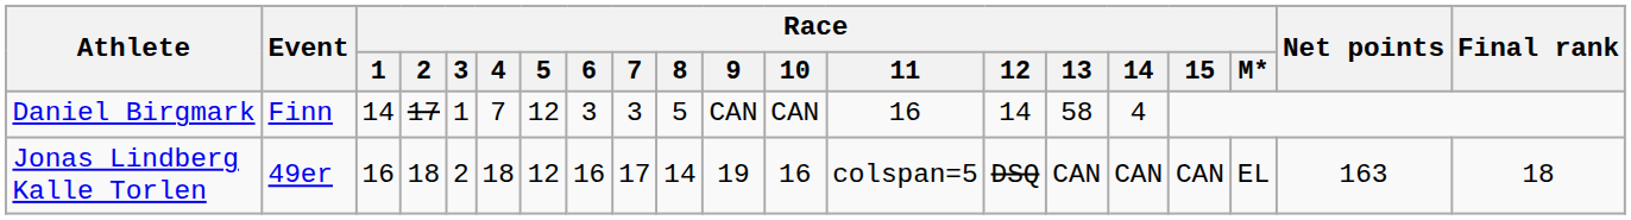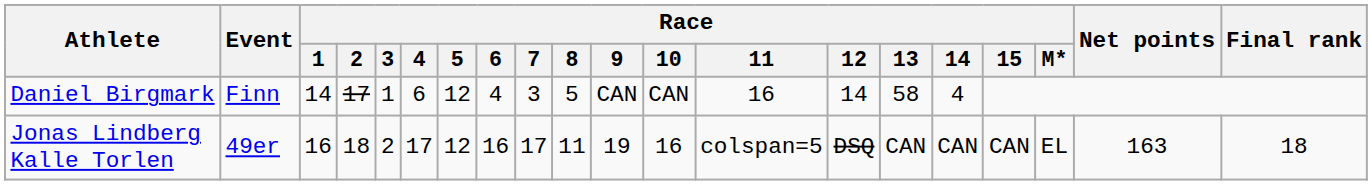 <table class="wikitable" style="font-size:90%">
 <tr>
 <th rowspan=2>Athlete</th>
 <th rowspan=2>Event</th>
 <th colspan=16>Race</th>
 <th rowspan=2>Net points</th>
 <th rowspan=2>Final rank</th>
 </tr>
 <tr style="font-size:95%">
 <th>1</th>
 <th>2</th>
 <th>3</th>
 <th>4</th>
 <th>5</th>
 <th>6</th>
 <th>7</th>
 <th>8</th>
 <th>9</th>
 <th>10</th>
 <th>11</th>
 <th>12</th>
 <th>13</th>
 <th>14</th>
 <th>15</th>
 <th>M*</th>
 </tr>
 <tr align=center>
 <td align=left><a href='#'>Daniel Birgmark</a></td>
 <td align=left><a href='#'>Finn</a></td>
 <td>14</td>
 <td><s>17</s></td>
 <td>1</td>
-<td>7</td>
+<td>6</td>
 <td>12</td>
-<td>3</td>
+<td>4</td>
 <td>3</td>
 <td>5</td>
 <td>CAN</td>
 <td>CAN</td>
 <td>16</td>
 <td>14</td>
 <td>58</td>
 <td>4</td>
 </tr>
 <tr align=center>
 <td align=left><a href='#'>Jonas Lindberg</a><br><a href='#'>Kalle Torlen</a></td>
 <td align=left><a href='#'>49er</a></td>
 <td>16</td>
 <td>18</td>
 <td>2</td>
-<td>18</td>
+<td>17</td>
 <td>12</td>
 <td>16</td>
 <td>17</td>
-<td>14</td>
+<td>11</td>
 <td>19</td>
 <td>16</td>
 <td>colspan=5 </td>
 <td><s>DSQ</s></td>
 <td>CAN</td>
 <td>CAN</td>
 <td>CAN</td>
 <td>EL</td>
 <td>163</td>
 <td>18</td>
 </tr>
 </table>
